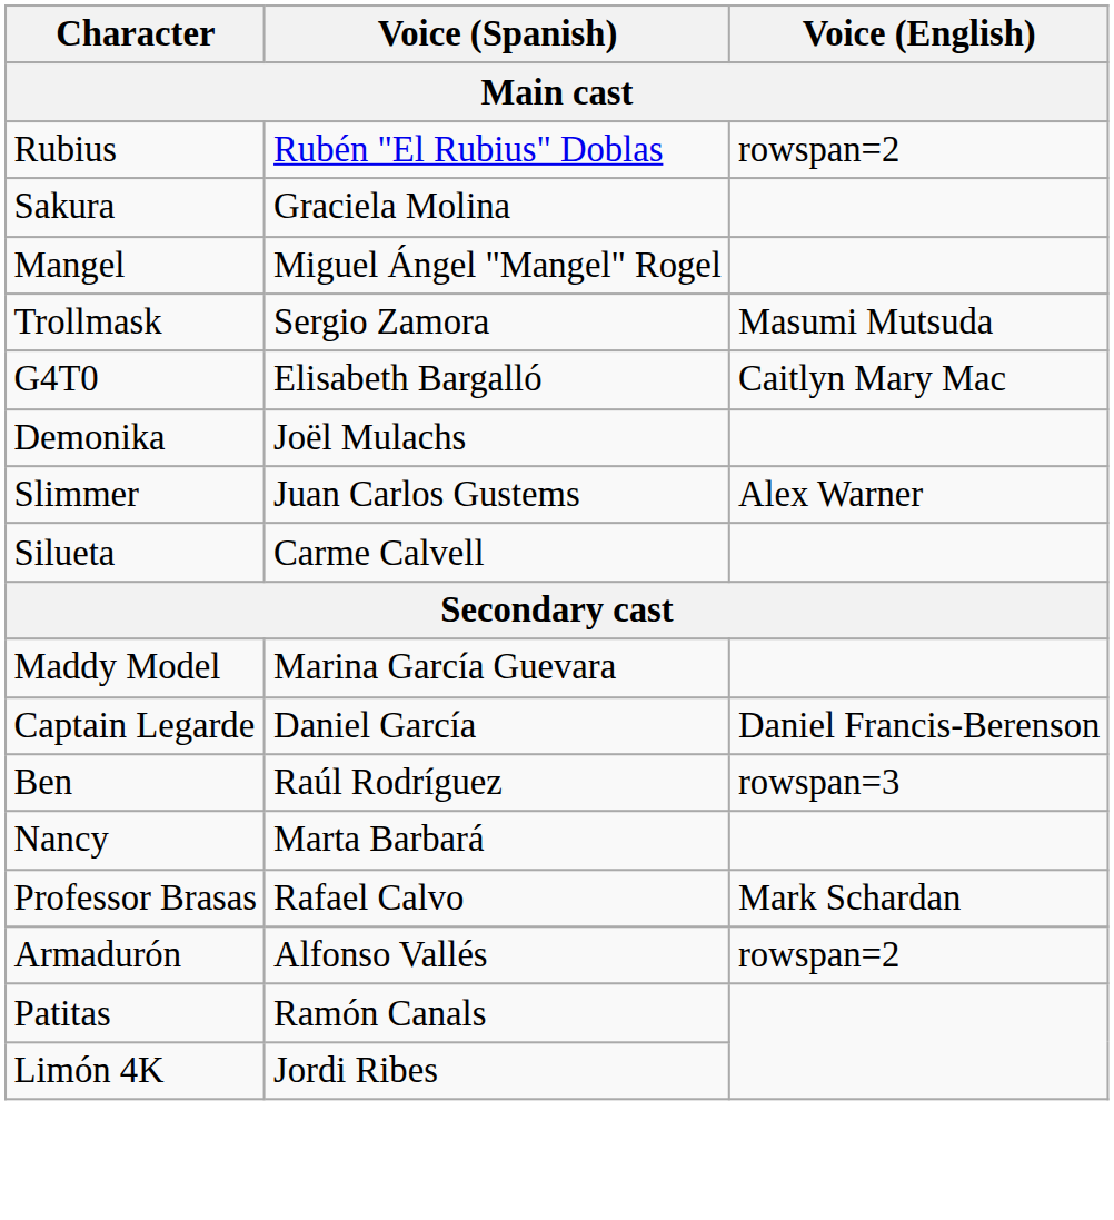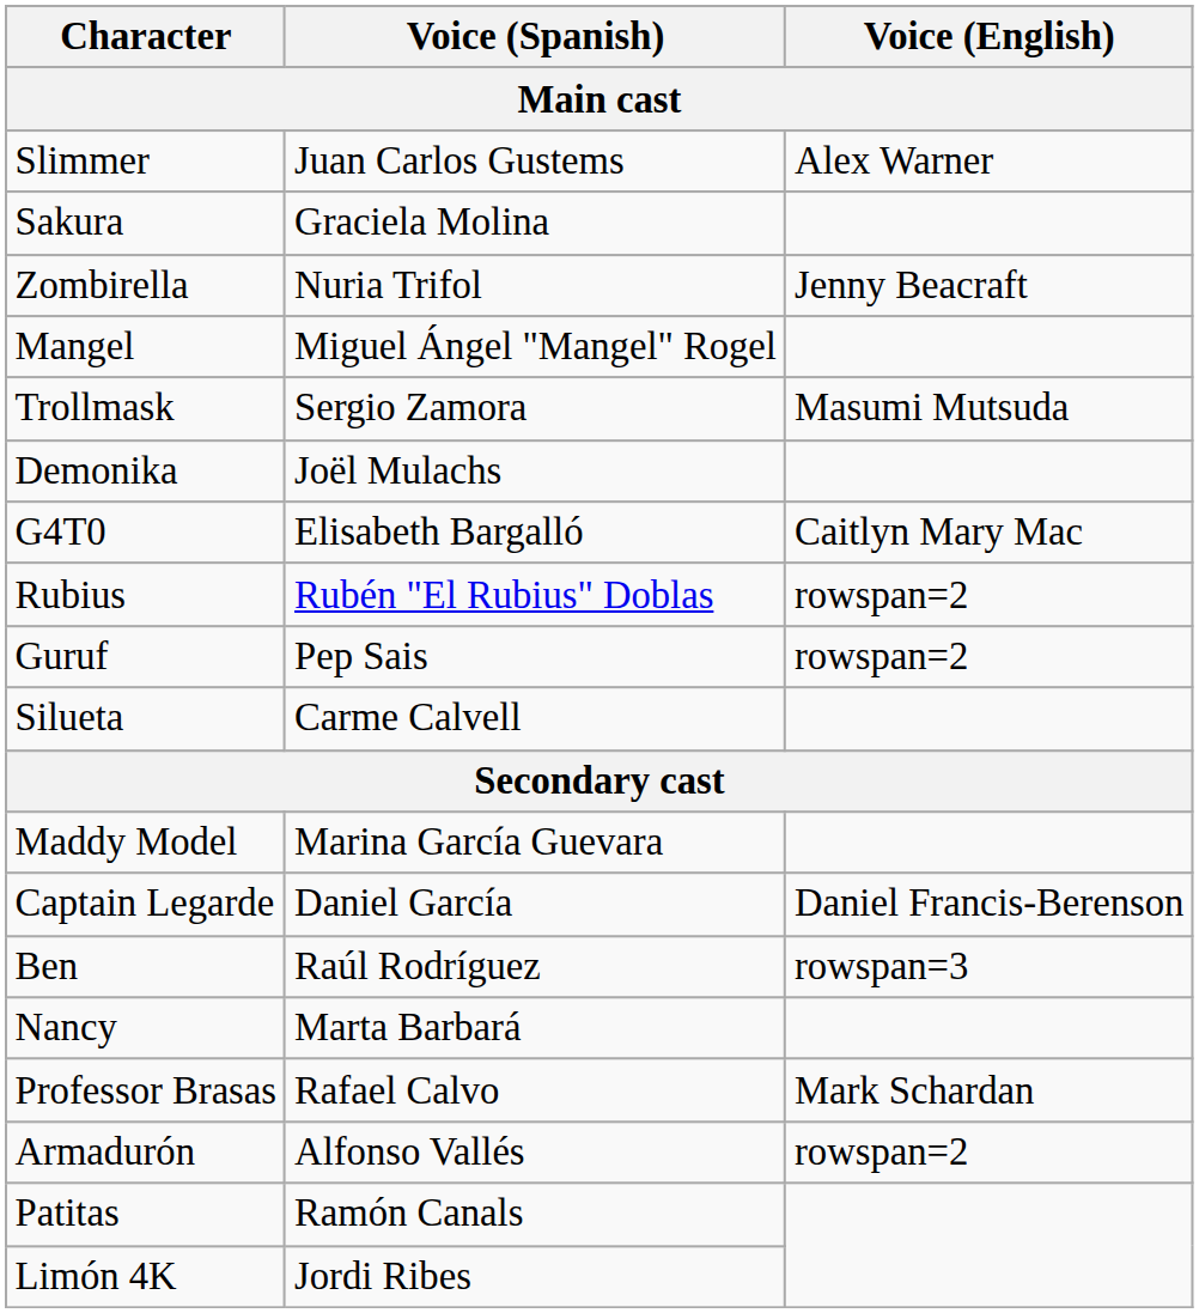 <table class=wikitable>
 <tr>
 <th>Character</th>
 <th>Voice (Spanish)</th>
 <th>Voice (English)</th>
 </tr>
 <tr>
 <th colspan=3>Main cast</th>
 </tr>
 <tr>
-<td>Rubius</td>
-<td><a href='#'>Rubén "El Rubius" Doblas</a></td>
-<td>rowspan=2 </td>
+<td>Slimmer</td>
+<td>Juan Carlos Gustems</td>
+<td>Alex Warner</td>
 </tr>
 <tr>
 <td>Sakura</td>
 <td>Graciela Molina</td>
+</tr>
+<tr>
+<td>Zombirella</td>
+<td>Nuria Trifol</td>
+<td>Jenny Beacraft</td>
 </tr>
 <tr>
 <td>Mangel</td>
 <td>Miguel Ángel "Mangel" Rogel</td>
 <td></td>
 </tr>
 <tr>
 <td>Trollmask</td>
 <td>Sergio Zamora</td>
 <td>Masumi Mutsuda</td>
 </tr>
 <tr>
+<td>Demonika</td>
+<td>Joël Mulachs</td>
+<td></td>
+</tr>
+<tr>
 <td>G4T0</td>
 <td>Elisabeth Bargalló</td>
 <td>Caitlyn Mary Mac</td>
 </tr>
 <tr>
-<td>Demonika</td>
-<td>Joël Mulachs</td>
-<td></td>
+<td>Rubius</td>
+<td><a href='#'>Rubén "El Rubius" Doblas</a></td>
+<td>rowspan=2 </td>
 </tr>
 <tr>
-<td>Slimmer</td>
-<td>Juan Carlos Gustems</td>
-<td>Alex Warner</td>
+<td>Guruf</td>
+<td>Pep Sais</td>
+<td>rowspan=2 </td>
 </tr>
 <tr>
 <td>Silueta</td>
 <td>Carme Calvell</td>
 </tr>
 <tr>
 <th colspan=3>Secondary cast</th>
 </tr>
 <tr>
 <td>Maddy Model</td>
 <td>Marina García Guevara</td>
 <td></td>
 </tr>
 <tr>
 <td>Captain Legarde</td>
 <td>Daniel García</td>
 <td>Daniel Francis-Berenson</td>
 </tr>
 <tr>
 <td>Ben</td>
 <td>Raúl Rodríguez</td>
 <td>rowspan=3 </td>
 </tr>
 <tr>
 <td>Nancy</td>
 <td>Marta Barbará</td>
 </tr>
 <tr>
 <td>Professor Brasas</td>
 <td>Rafael Calvo</td>
 <td>Mark Schardan</td>
 </tr>
 <tr>
 <td>Armadurón</td>
 <td>Alfonso Vallés</td>
 <td>rowspan=2 </td>
 </tr>
 <tr>
 <td>Patitas</td>
 <td>Ramón Canals</td>
 </tr>
 <tr>
 <td>Limón 4K</td>
 <td>Jordi Ribes</td>
 </tr>
 </table>
